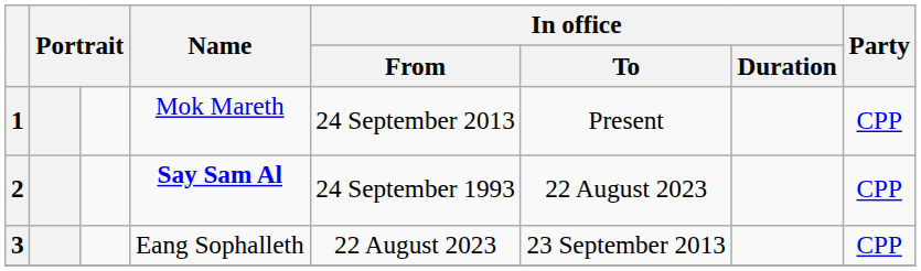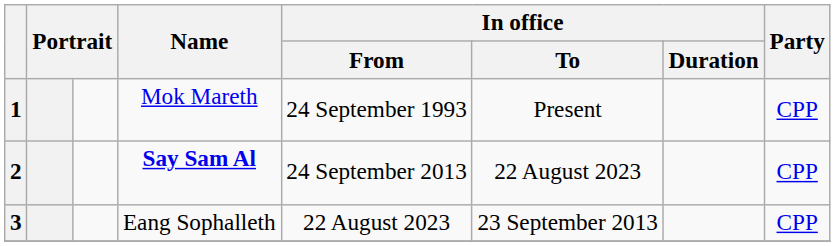 <table class="wikitable" style="text-align:center;">
 <tr>
 <th rowspan="2" class="unsortable"></th>
 <th rowspan="2" class="unsortable" colspan="2">Portrait</th>
 <th rowspan="2" class="unsortable">Name</th>
 <th colspan="3" class="unsortable">In office</th>
 <th rowspan="2" class="unsortable">Party</th>
 </tr>
 <tr>
 <th>From</th>
 <th>To</th>
 <th>Duration</th>
 </tr>
 <tr>
 <th>1</th>
 <th style="background-color:"></th>
 <td></td>
 <td><a href='#'>Mok Mareth</a><br><br></td>
-<td>24 September 2013</td>
+<td>24 September 1993</td>
 <td>Present</td>
 <td></td>
 <td><a href='#'>CPP</a></td>
 </tr>
 <tr>
 <th>2</th>
 <th style="background-color:"></th>
 <td></td>
 <td><strong><a href='#'>Say Sam Al</a><br><br></strong></td>
-<td>24 September 1993</td>
+<td>24 September 2013</td>
 <td>22 August 2023</td>
 <td></td>
 <td><a href='#'>CPP</a></td>
 </tr>
 <tr>
 <th>3</th>
 <th style="background-color:"></th>
 <td></td>
 <td>Eang Sophalleth<br></td>
 <td>22 August 2023</td>
 <td>23 September 2013</td>
 <td></td>
 <td><a href='#'>CPP</a></td>
 </tr>
 <tr>
 </tr>
 </table>
